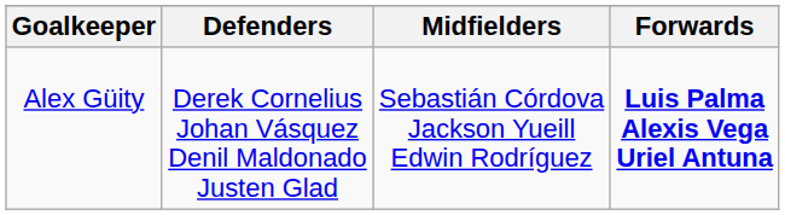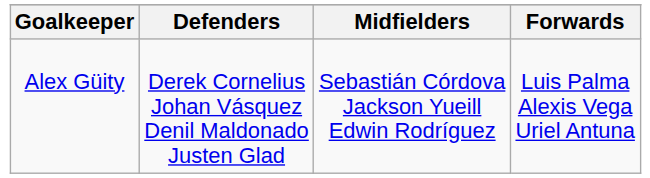 <table class="wikitable" style="text-align: center; margin: 0 auto;">
 <tr>
 </tr>
 <tr>
 <th>Goalkeeper</th>
 <th>Defenders</th>
 <th>Midfielders</th>
 <th>Forwards</th>
 </tr>
 <tr>
 <td valign=top><br> <a href='#'>Alex Güity</a></td>
 <td valign=top><br> <a href='#'>Derek Cornelius</a><br>  <a href='#'>Johan Vásquez</a><br>  <a href='#'>Denil Maldonado</a><br>  <a href='#'>Justen Glad</a><br></td>
 <td valign=top><br> <a href='#'>Sebastián Córdova</a><br>  <a href='#'>Jackson Yueill</a><br>  <a href='#'>Edwin Rodríguez</a></td>
-<td valign=top><strong><br> <a href='#'>Luis Palma</a><br>  <a href='#'>Alexis Vega</a><br>  <a href='#'>Uriel Antuna</a></strong></td>
+<td valign=top><br> <a href='#'>Luis Palma</a><br>  <a href='#'>Alexis Vega</a><br>  <a href='#'>Uriel Antuna</a></td>
 </tr>
 </table>
